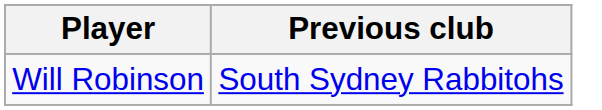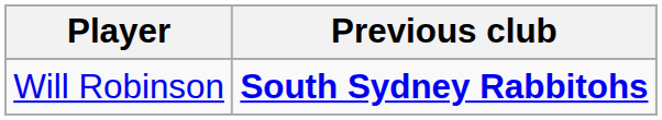 <table class="wikitable">
 <tr style="background:#bdb76b;">
 <th>Player</th>
 <th>Previous club</th>
 </tr>
 <tr>
 <td><a href='#'>Will Robinson</a></td>
-<td><a href='#'>South Sydney Rabbitohs</a></td>
+<td><strong><a href='#'>South Sydney Rabbitohs</a></strong></td>
 </tr>
 </table>
